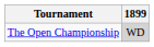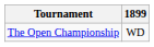 <table class="wikitable" style="font-size:95%;text-align:center;">
 <tr>
 <th>Tournament</th>
 <th>1899</th>
 </tr>
 <tr>
 <td align=left><a href='#'>The Open Championship</a></td>
-<td style="background: lightgrey;">WD</td>
+<td>WD</td>
 </tr>
 </table>
